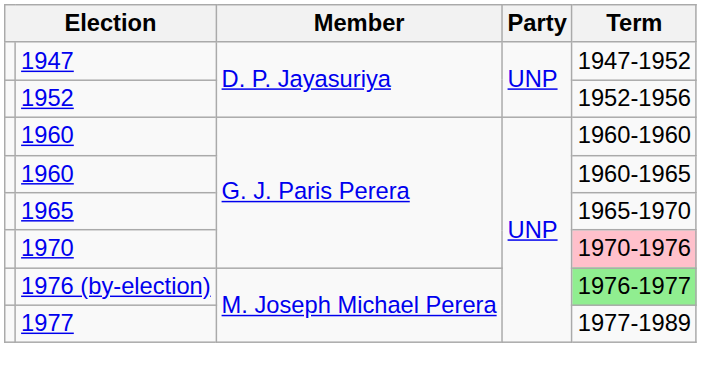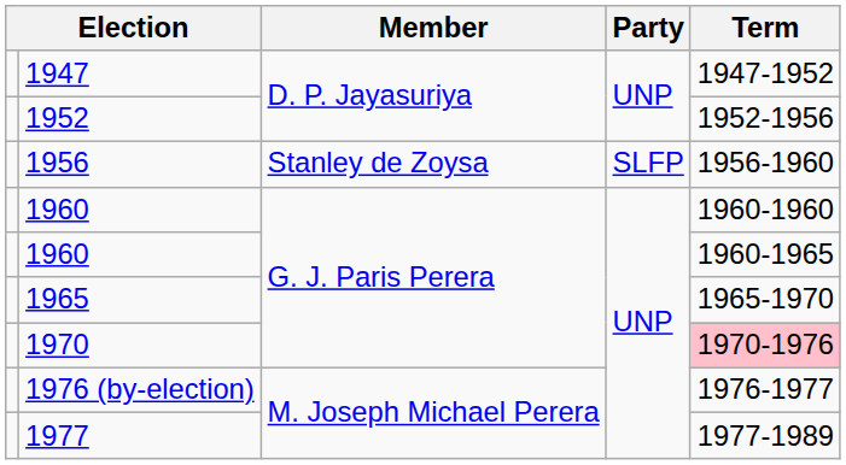 <table class="wikitable">
 <tr>
 <th colspan="2">Election</th>
 <th>Member</th>
 <th>Party</th>
 <th>Term</th>
 </tr>
 <tr>
 <td style="background-color: "></td>
 <td><a href='#'>1947</a></td>
 <td rowspan=2><a href='#'>D. P. Jayasuriya</a></td>
 <td rowspan=2><a href='#'>UNP</a></td>
 <td>1947-1952</td>
 </tr>
 <tr>
 <td style="background-color: "></td>
 <td><a href='#'>1952</a></td>
 <td>1952-1956</td>
+</tr>
+<tr>
+<td style="background-color: "></td>
+<td><a href='#'>1956</a></td>
+<td><a href='#'>Stanley de Zoysa</a></td>
+<td><a href='#'>SLFP</a></td>
+<td>1956-1960</td>
 </tr>
 <tr>
 <td style="background-color: "></td>
 <td><a href='#'>1960</a></td>
 <td rowspan=4><a href='#'>G. J. Paris Perera</a></td>
 <td rowspan=7><a href='#'>UNP</a></td>
 <td>1960-1960</td>
 </tr>
 <tr>
 <td style="background-color: "></td>
 <td><a href='#'>1960</a></td>
 <td>1960-1965</td>
 </tr>
 <tr>
 <td style="background-color: "></td>
 <td><a href='#'>1965</a></td>
 <td>1965-1970</td>
 </tr>
 <tr>
 <td style="background-color: "></td>
 <td><a href='#'>1970</a></td>
 <td style="background: pink;">1970-1976</td>
 </tr>
 <tr>
 <td style="background-color: "></td>
 <td><a href='#'>1976 (by-election)</a></td>
 <td rowspan=2><a href='#'>M. Joseph Michael Perera</a></td>
-<td style="background: lightgreen;">1976-1977</td>
+<td>1976-1977</td>
 </tr>
 <tr>
 <td style="background-color: "></td>
 <td><a href='#'>1977</a></td>
 <td>1977-1989</td>
 </tr>
 </table>
